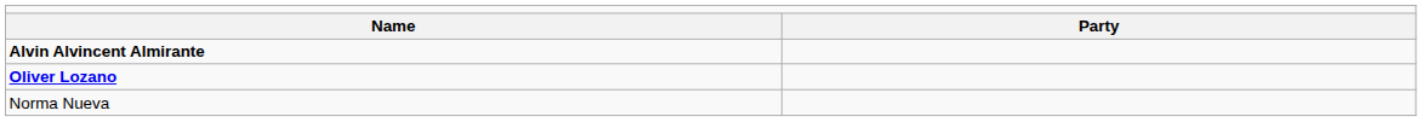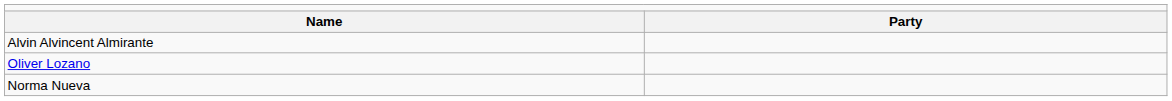 <table class=wikitable style="font-size:90%" width=99%>
 <tr>
 <td colspan=4 bgcolor=></td>
 </tr>
 <tr>
 <th width=55%>Name</th>
 <th colspan=2 width=110px>Party</th>
 </tr>
 <tr>
-<td><strong>Alvin Alvincent Almirante</strong></td>
+<td>Alvin Alvincent Almirante</td>
 <td></td>
 </tr>
 <tr>
-<td><strong><a href='#'>Oliver Lozano</a></strong></td>
+<td><a href='#'>Oliver Lozano</a></td>
 <td></td>
 </tr>
 <tr>
 <td>Norma Nueva</td>
 <td></td>
 </tr>
 </table>
